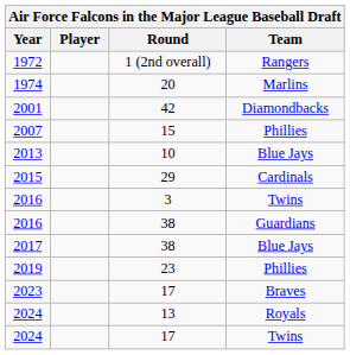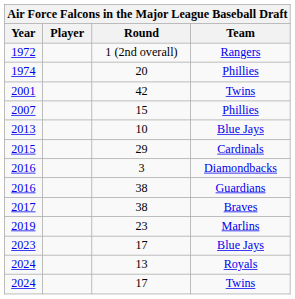 <table class="wikitable" style="text-align:center">
 <tr>
 <th colspan=4>Air Force Falcons in the Major League Baseball Draft</th>
 </tr>
 <tr>
 <th>Year</th>
 <th>Player</th>
 <th>Round</th>
 <th>Team</th>
 </tr>
 <tr>
 <td><a href='#'>1972</a></td>
 <td></td>
 <td>1 (2nd overall)</td>
 <td><a href='#'>Rangers</a></td>
 </tr>
 <tr>
 <td><a href='#'>1974</a></td>
 <td></td>
 <td>20</td>
-<td><a href='#'>Marlins</a></td>
+<td><a href='#'>Phillies</a></td>
 </tr>
 <tr>
 <td><a href='#'>2001</a></td>
 <td></td>
 <td>42</td>
-<td><a href='#'>Diamondbacks</a></td>
+<td><a href='#'>Twins</a></td>
 </tr>
 <tr>
 <td><a href='#'>2007</a></td>
 <td></td>
 <td>15</td>
 <td><a href='#'>Phillies</a></td>
 </tr>
 <tr>
 <td><a href='#'>2013</a></td>
 <td></td>
 <td>10</td>
 <td><a href='#'>Blue Jays</a></td>
 </tr>
 <tr>
 <td><a href='#'>2015</a></td>
 <td></td>
 <td>29</td>
 <td><a href='#'>Cardinals</a></td>
 </tr>
 <tr>
 <td><a href='#'>2016</a></td>
 <td></td>
 <td>3</td>
-<td><a href='#'>Twins</a></td>
+<td><a href='#'>Diamondbacks</a></td>
 </tr>
 <tr>
 <td><a href='#'>2016</a></td>
 <td></td>
 <td>38</td>
 <td><a href='#'>Guardians</a></td>
 </tr>
 <tr>
 <td><a href='#'>2017</a></td>
 <td></td>
 <td>38</td>
-<td><a href='#'>Blue Jays</a></td>
+<td><a href='#'>Braves</a></td>
 </tr>
 <tr>
 <td><a href='#'>2019</a></td>
 <td></td>
 <td>23</td>
-<td><a href='#'>Phillies</a></td>
+<td><a href='#'>Marlins</a></td>
 </tr>
 <tr>
 <td><a href='#'>2023</a></td>
 <td></td>
 <td>17</td>
-<td><a href='#'>Braves</a></td>
+<td><a href='#'>Blue Jays</a></td>
 </tr>
 <tr>
 <td><a href='#'>2024</a></td>
 <td></td>
 <td>13</td>
 <td><a href='#'>Royals</a></td>
 </tr>
 <tr>
 <td><a href='#'>2024</a></td>
 <td></td>
 <td>17</td>
 <td><a href='#'>Twins</a></td>
 </tr>
 </table>
